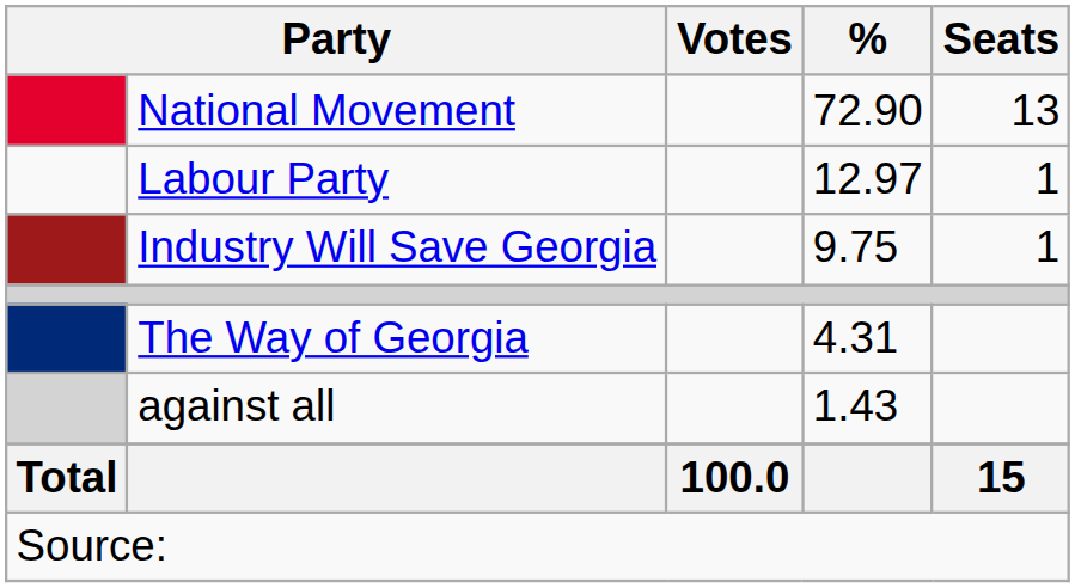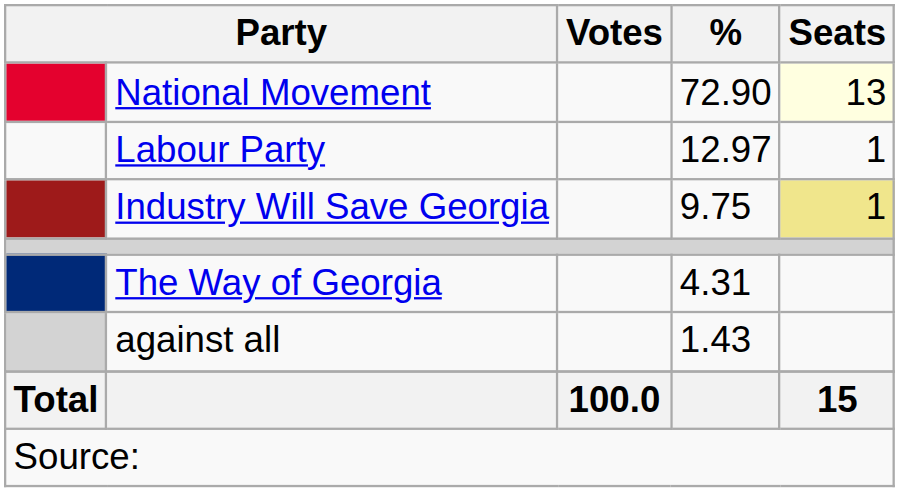 <table class="wikitable">
 <tr>
 <th colspan="2">Party</th>
 <th scope="col">Votes</th>
 <th scope="col">%</th>
 <th scope="col">Seats</th>
 </tr>
 <tr>
 <td style="background:#e4012e"></td>
 <td align=left><a href='#'>National Movement</a></td>
 <td></td>
 <td>72.90</td>
-<td align=right>13</td>
+<td align=right style="background: lightyellow;">13</td>
 </tr>
 <tr>
 <td style="background:"></td>
 <td align=left><a href='#'>Labour Party</a></td>
 <td></td>
 <td>12.97</td>
 <td align=right>1</td>
 </tr>
 <tr>
 <td style="background:#9E1A1A"></td>
 <td align=left><a href='#'>Industry Will Save Georgia</a></td>
 <td></td>
 <td>9.75</td>
-<td align=right>1</td>
+<td align=right style="background: khaki;">1</td>
 </tr>
 <tr>
 <td colspan=5 bgcolor=lightgrey></td>
 </tr>
 <tr>
 <td style="background:#002978"></td>
 <td align=left><a href='#'>The Way of Georgia</a></td>
 <td></td>
 <td>4.31</td>
 <td align=right></td>
 </tr>
 <tr>
 <td style="background:#D3D3D3"></td>
 <td align=left>against all</td>
 <td></td>
 <td>1.43</td>
 <td align=right></td>
 </tr>
 <tr>
 </tr>
 <tr>
 <th colspan=1>Total</th>
 <th></th>
 <th>100.0</th>
 <th></th>
 <th>15</th>
 </tr>
 <tr>
 <td colspan=5>Source: </td>
 </tr>
 </table>
